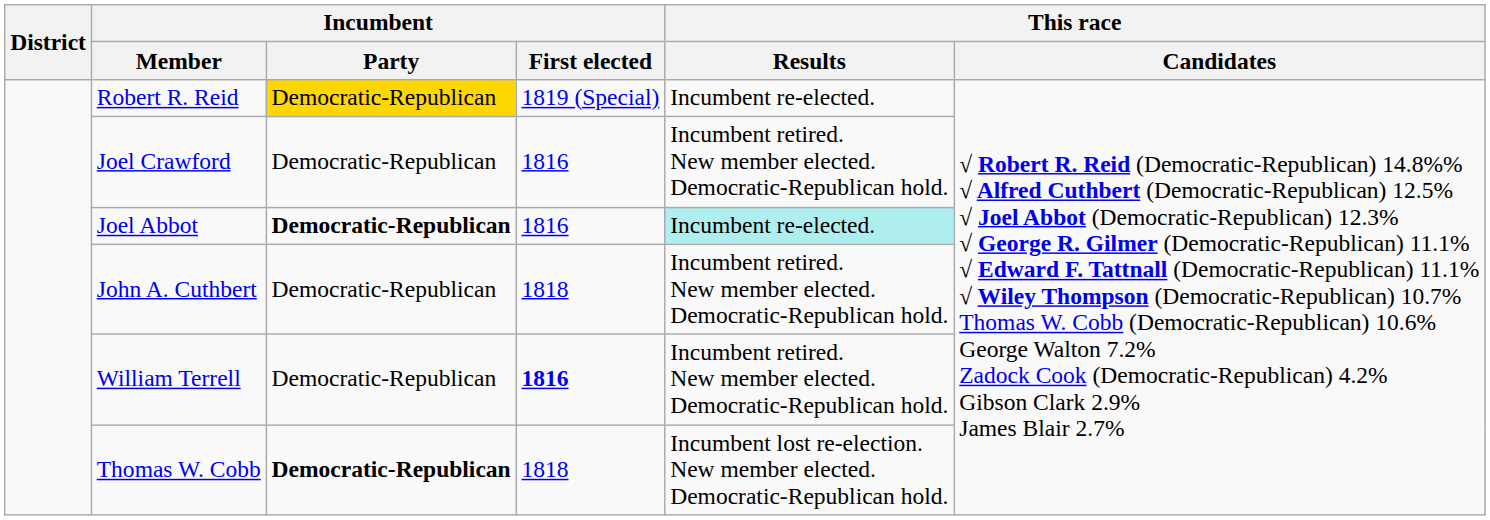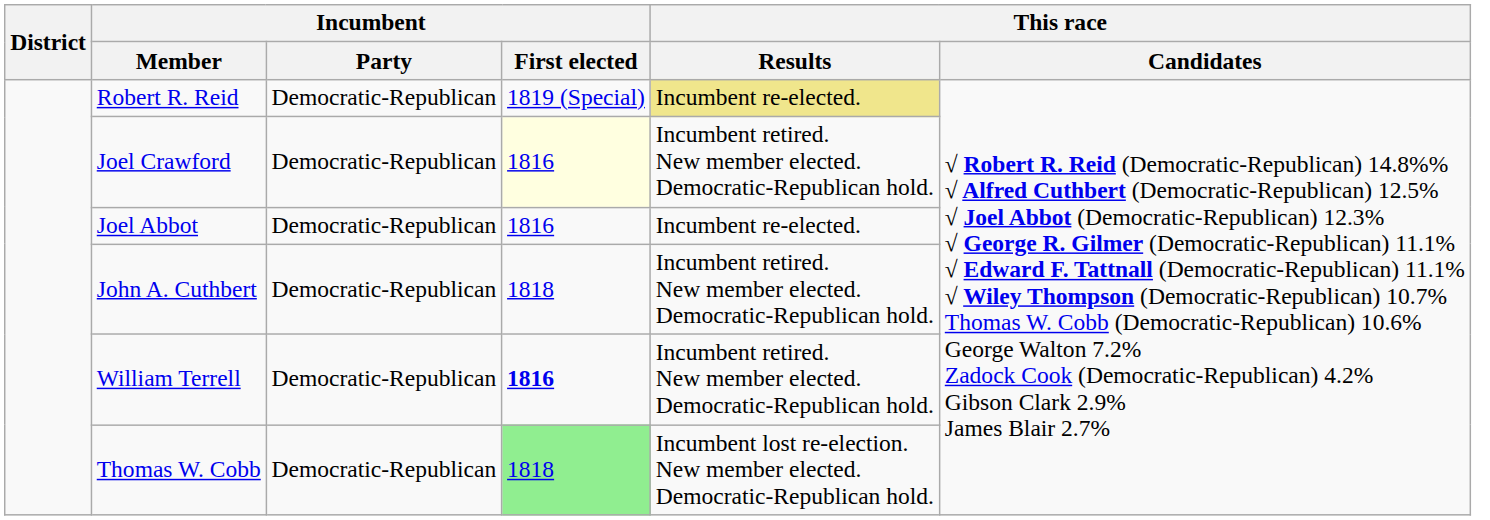 <table class=wikitable>
 <tr>
 <th rowspan=2>District</th>
 <th colspan=3>Incumbent</th>
 <th colspan=2>This race</th>
 </tr>
 <tr>
 <th>Member</th>
 <th>Party</th>
 <th>First elected</th>
 <th>Results</th>
 <th>Candidates</th>
 </tr>
 <tr>
 <td rowspan=6><br></td>
 <td><a href='#'>Robert R. Reid</a></td>
-<td style="background: gold;">Democratic-Republican</td>
+<td>Democratic-Republican</td>
 <td><a href='#'>1819 (Special)</a></td>
-<td>Incumbent re-elected.</td>
+<td style="background: khaki;">Incumbent re-elected.</td>
 <td rowspan=6 nowrap><strong>√ <a href='#'>Robert R. Reid</a></strong> (Democratic-Republican) 14.8%%<br><strong>√ <a href='#'>Alfred Cuthbert</a></strong> (Democratic-Republican) 12.5%<br><strong>√ <a href='#'>Joel Abbot</a></strong> (Democratic-Republican) 12.3%<br><strong>√ <a href='#'>George R. Gilmer</a></strong> (Democratic-Republican) 11.1%<br><strong>√ <a href='#'>Edward F. Tattnall</a></strong> (Democratic-Republican) 11.1%<br><strong>√ <a href='#'>Wiley Thompson</a></strong> (Democratic-Republican) 10.7%<br><a href='#'>Thomas W. Cobb</a> (Democratic-Republican) 10.6%<br>George Walton 7.2%<br><a href='#'>Zadock Cook</a> (Democratic-Republican) 4.2%<br>Gibson Clark 2.9%<br>James Blair 2.7%</td>
 </tr>
 <tr>
 <td><a href='#'>Joel Crawford</a></td>
 <td>Democratic-Republican</td>
-<td><a href='#'>1816</a></td>
+<td style="background: lightyellow;"><a href='#'>1816</a></td>
 <td>Incumbent retired.<br>New member elected.<br>Democratic-Republican hold.</td>
 </tr>
 <tr>
 <td><a href='#'>Joel Abbot</a></td>
-<td><strong>Democratic-Republican</strong></td>
+<td>Democratic-Republican</td>
 <td><a href='#'>1816</a></td>
-<td style="background: paleturquoise;">Incumbent re-elected.</td>
+<td>Incumbent re-elected.</td>
 </tr>
 <tr>
 <td><a href='#'>John A. Cuthbert</a></td>
 <td>Democratic-Republican</td>
 <td><a href='#'>1818</a></td>
 <td>Incumbent retired.<br>New member elected.<br>Democratic-Republican hold.</td>
 </tr>
 <tr>
 <td><a href='#'>William Terrell</a></td>
 <td>Democratic-Republican</td>
 <td><strong><a href='#'>1816</a></strong></td>
 <td>Incumbent retired.<br>New member elected.<br>Democratic-Republican hold.</td>
 </tr>
 <tr>
 <td><a href='#'>Thomas W. Cobb</a></td>
-<td><strong>Democratic-Republican</strong></td>
-<td><a href='#'>1818</a></td>
+<td>Democratic-Republican</td>
+<td style="background: lightgreen;"><a href='#'>1818</a></td>
 <td>Incumbent lost re-election.<br>New member elected.<br>Democratic-Republican hold.</td>
 </tr>
 </table>
